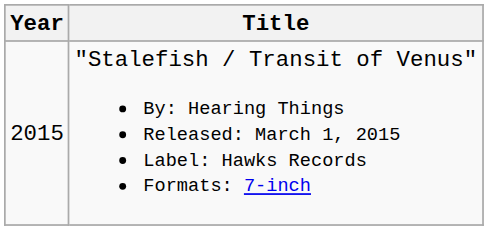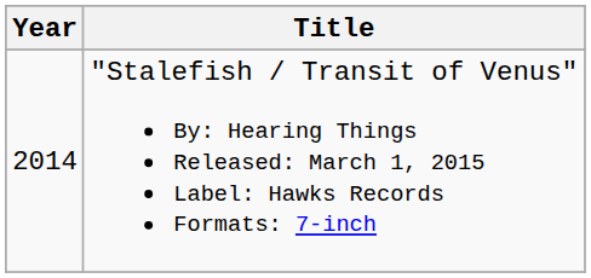 <table class="wikitable">
 <tr>
 <th rowspan="1">Year</th>
 <th rowspan="1">Title</th>
 </tr>
 <tr>
-<td>2015</td>
+<td>2014</td>
 <td>"Stalefish / Transit of Venus"<br><ul><li><small>By: Hearing Things</small></li><li><small>Released: March 1, 2015</small></li><li><small>Label: Hawks Records</small></li><li><small>Formats: <a href='#'>7-inch</a></small></li></ul></td>
 </tr>
 </table>
